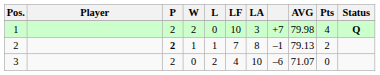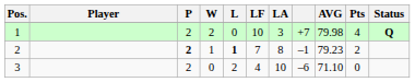 <table class="wikitable" style="text-align:center; margin: 1em auto 1em auto, align:left">
 <tr>
 <th width=25>Pos.</th>
 <th width=200>Player</th>
 <th width=25>P</th>
 <th width=25>W</th>
 <th width=25>L</th>
 <th width=25>LF</th>
 <th width=25>LA</th>
 <th width=25></th>
 <th width=35>AVG</th>
 <th width=25>Pts</th>
 <th width=50>Status</th>
 </tr>
 <tr>
 </tr>
 <tr style="background-color:#ccffcc">
 <td>1</td>
 <td align=left></td>
 <td>2</td>
 <td>2</td>
 <td>0</td>
 <td>10</td>
 <td>3</td>
 <td>+7</td>
 <td>79.98</td>
 <td>4</td>
 <td><strong>Q</strong></td>
 </tr>
 <tr style=>
 <td>2</td>
 <td align=left></td>
 <td><strong>2</strong></td>
 <td>1</td>
-<td>1</td>
+<td><strong>1</strong></td>
 <td>7</td>
 <td>8</td>
 <td>–1</td>
-<td>79.13</td>
+<td>79.23</td>
 <td>2</td>
 <td></td>
 </tr>
 <tr style=>
 <td>3</td>
 <td align=left></td>
 <td>2</td>
 <td>0</td>
 <td>2</td>
 <td>4</td>
 <td>10</td>
 <td>–6</td>
-<td>71.07</td>
+<td>71.10</td>
 <td>0</td>
 <td></td>
 </tr>
 </table>
